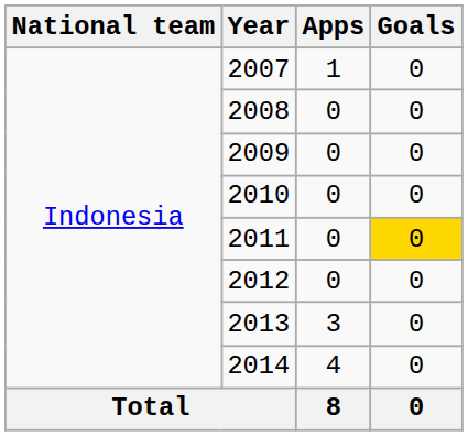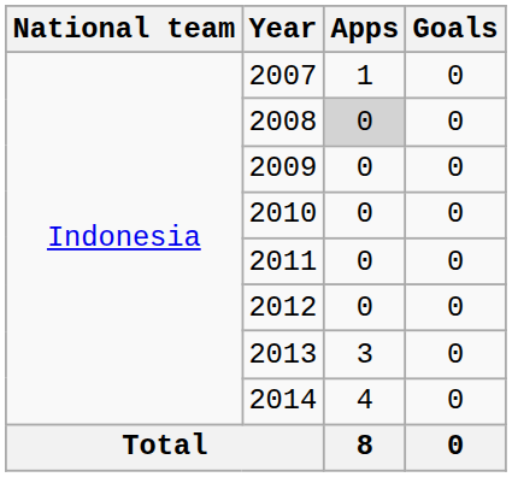 <table class="wikitable" style="text-align:center">
 <tr>
 <th>National team</th>
 <th>Year</th>
 <th>Apps</th>
 <th>Goals</th>
 </tr>
 <tr>
 <td rowspan=8><a href='#'>Indonesia</a></td>
 <td>2007</td>
 <td>1</td>
 <td>0</td>
 </tr>
 <tr>
 <td>2008</td>
-<td>0</td>
+<td style="background: lightgrey;">0</td>
 <td>0</td>
 </tr>
 <tr>
 <td>2009</td>
 <td>0</td>
 <td>0</td>
 </tr>
 <tr>
 <td>2010</td>
 <td>0</td>
 <td>0</td>
 </tr>
 <tr>
 <td>2011</td>
 <td>0</td>
-<td style="background: gold;">0</td>
+<td>0</td>
 </tr>
 <tr>
 <td>2012</td>
 <td>0</td>
 <td>0</td>
 </tr>
 <tr>
 <td>2013</td>
 <td>3</td>
 <td>0</td>
 </tr>
 <tr>
 <td>2014</td>
 <td>4</td>
 <td>0</td>
 </tr>
 <tr>
 <th colspan=2>Total</th>
 <th>8</th>
 <th>0</th>
 </tr>
 </table>
